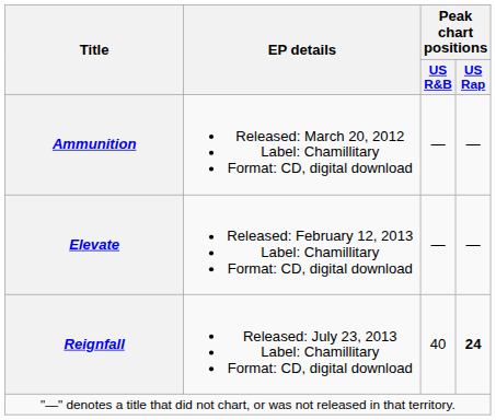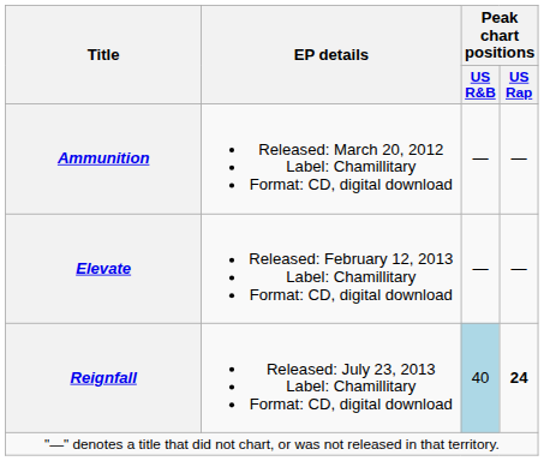 <table class="wikitable plainrowheaders" style="text-align:center;">
 <tr>
 <th scope="col" rowspan="2" style="width:12em;">Title</th>
 <th scope="col" rowspan="2" style="width:16em;">EP details</th>
 <th scope="col" colspan="2">Peak chart positions</th>
 </tr>
 <tr>
 <th scope="col" style="width:2.2em;font-size:90%;"><a href='#'>US R&B</a></th>
 <th scope="col" style="width:2.2em;font-size:90%;"><a href='#'>US Rap</a></th>
 </tr>
 <tr>
 <th scope="row"><em><a href='#'>Ammunition</a></em></th>
 <td><br><ul><li>Released: March 20, 2012</li><li>Label: Chamillitary</li><li>Format: CD, digital download</li></ul></td>
 <td>—</td>
 <td>—</td>
 </tr>
 <tr>
 <th scope="row"><em><a href='#'>Elevate</a></em></th>
 <td><br><ul><li>Released: February 12, 2013</li><li>Label: Chamillitary</li><li>Format: CD, digital download</li></ul></td>
 <td>—</td>
 <td>—</td>
 </tr>
 <tr>
 <th scope="row"><em><a href='#'>Reignfall</a></em></th>
 <td><br><ul><li>Released: July 23, 2013</li><li>Label: Chamillitary</li><li>Format: CD, digital download</li></ul></td>
-<td>40</td>
+<td style="background: lightblue;">40</td>
 <td><strong>24</strong></td>
 </tr>
 <tr>
 <td colspan="14" style="font-size:90%">"—" denotes a title that did not chart, or was not released in that territory.</td>
 </tr>
 </table>
